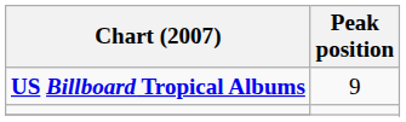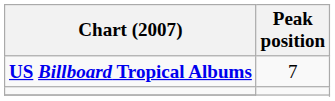 <table class="wikitable sortable">
 <tr>
 <th>Chart (2007)</th>
 <th>Peak<br>position</th>
 </tr>
 <tr>
 <td align="left"><strong><a href='#'>US</a> <a href='#'><em>Billboard</em> Tropical Albums</a></strong></td>
-<td style="text-align:center;">9</td>
+<td style="text-align:center;">7</td>
 </tr>
 <tr>
 <td></td>
 </tr>
 <tr>
 </tr>
 </table>
